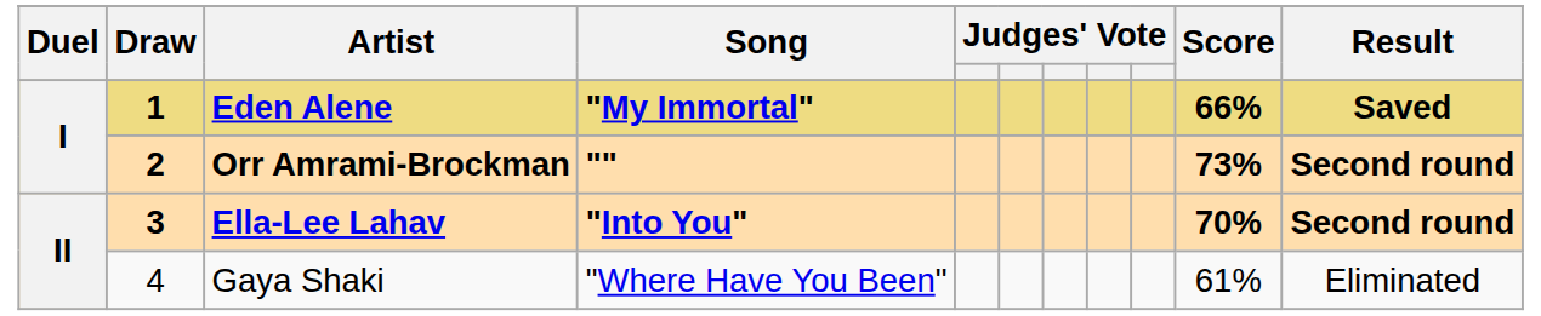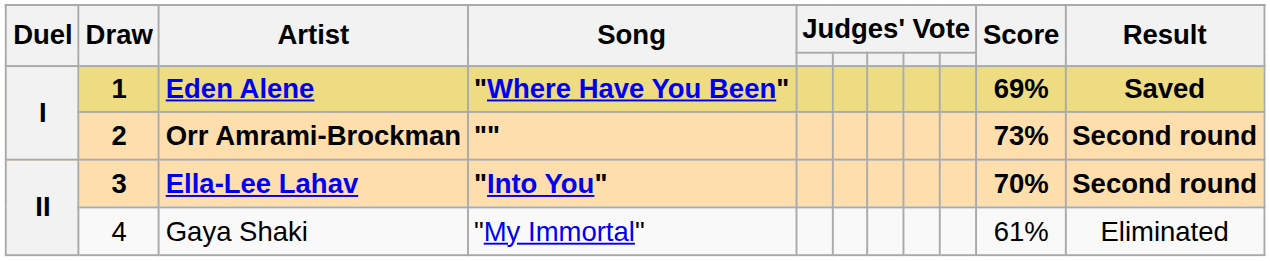 <table class="sortable wikitable" style="margin: 1em auto 1em auto; text-align:center; font-size:90%; line-height:18px;">
 <tr>
 </tr>
 <tr>
 <th rowspan="2" class="unsortable">Duel</th>
 <th rowspan="2">Draw</th>
 <th rowspan="2">Artist</th>
 <th rowspan="2">Song</th>
 <th colspan="5" class="unsortable">Judges' Vote</th>
 <th rowspan="2">Score</th>
 <th rowspan="2">Result</th>
 </tr>
 <tr>
 <th class="unsortable"></th>
 <th class="unsortable"></th>
 <th class="unsortable"></th>
 <th class="unsortable"></th>
 <th class="unsortable"></th>
 </tr>
 <tr style="font-weight:bold; background:#eedc82;">
 <th rowspan="2">I</th>
 <td>1</td>
 <td align="left"><a href='#'>Eden Alene</a></td>
-<td align="left">"<a href='#'>My Immortal</a>"</td>
+<td align="left">"<a href='#'>Where Have You Been</a>"</td>
 <td></td>
 <td></td>
 <td></td>
 <td></td>
 <td></td>
-<td>66%</td>
+<td>69%</td>
 <td>Saved</td>
 </tr>
 <tr style="font-weight:bold; background:navajowhite;">
 <td>2</td>
 <td align="left">Orr Amrami-Brockman</td>
 <td align="left">""</td>
 <td></td>
 <td></td>
 <td></td>
 <td></td>
 <td></td>
 <td>73%</td>
 <td>Second round</td>
 </tr>
 <tr style="font-weight:bold; background:navajowhite;">
 <th rowspan="2">II</th>
 <td>3</td>
 <td align="left"><a href='#'>Ella-Lee Lahav</a></td>
 <td align="left">"<a href='#'>Into You</a>"</td>
 <td></td>
 <td></td>
 <td></td>
 <td></td>
 <td></td>
 <td>70%</td>
 <td>Second round</td>
 </tr>
 <tr>
 <td>4</td>
 <td align="left">Gaya Shaki</td>
-<td align="left">"<a href='#'>Where Have You Been</a>"</td>
+<td align="left">"<a href='#'>My Immortal</a>"</td>
 <td></td>
 <td></td>
 <td></td>
 <td></td>
 <td></td>
 <td>61%</td>
 <td>Eliminated</td>
 </tr>
 </table>
